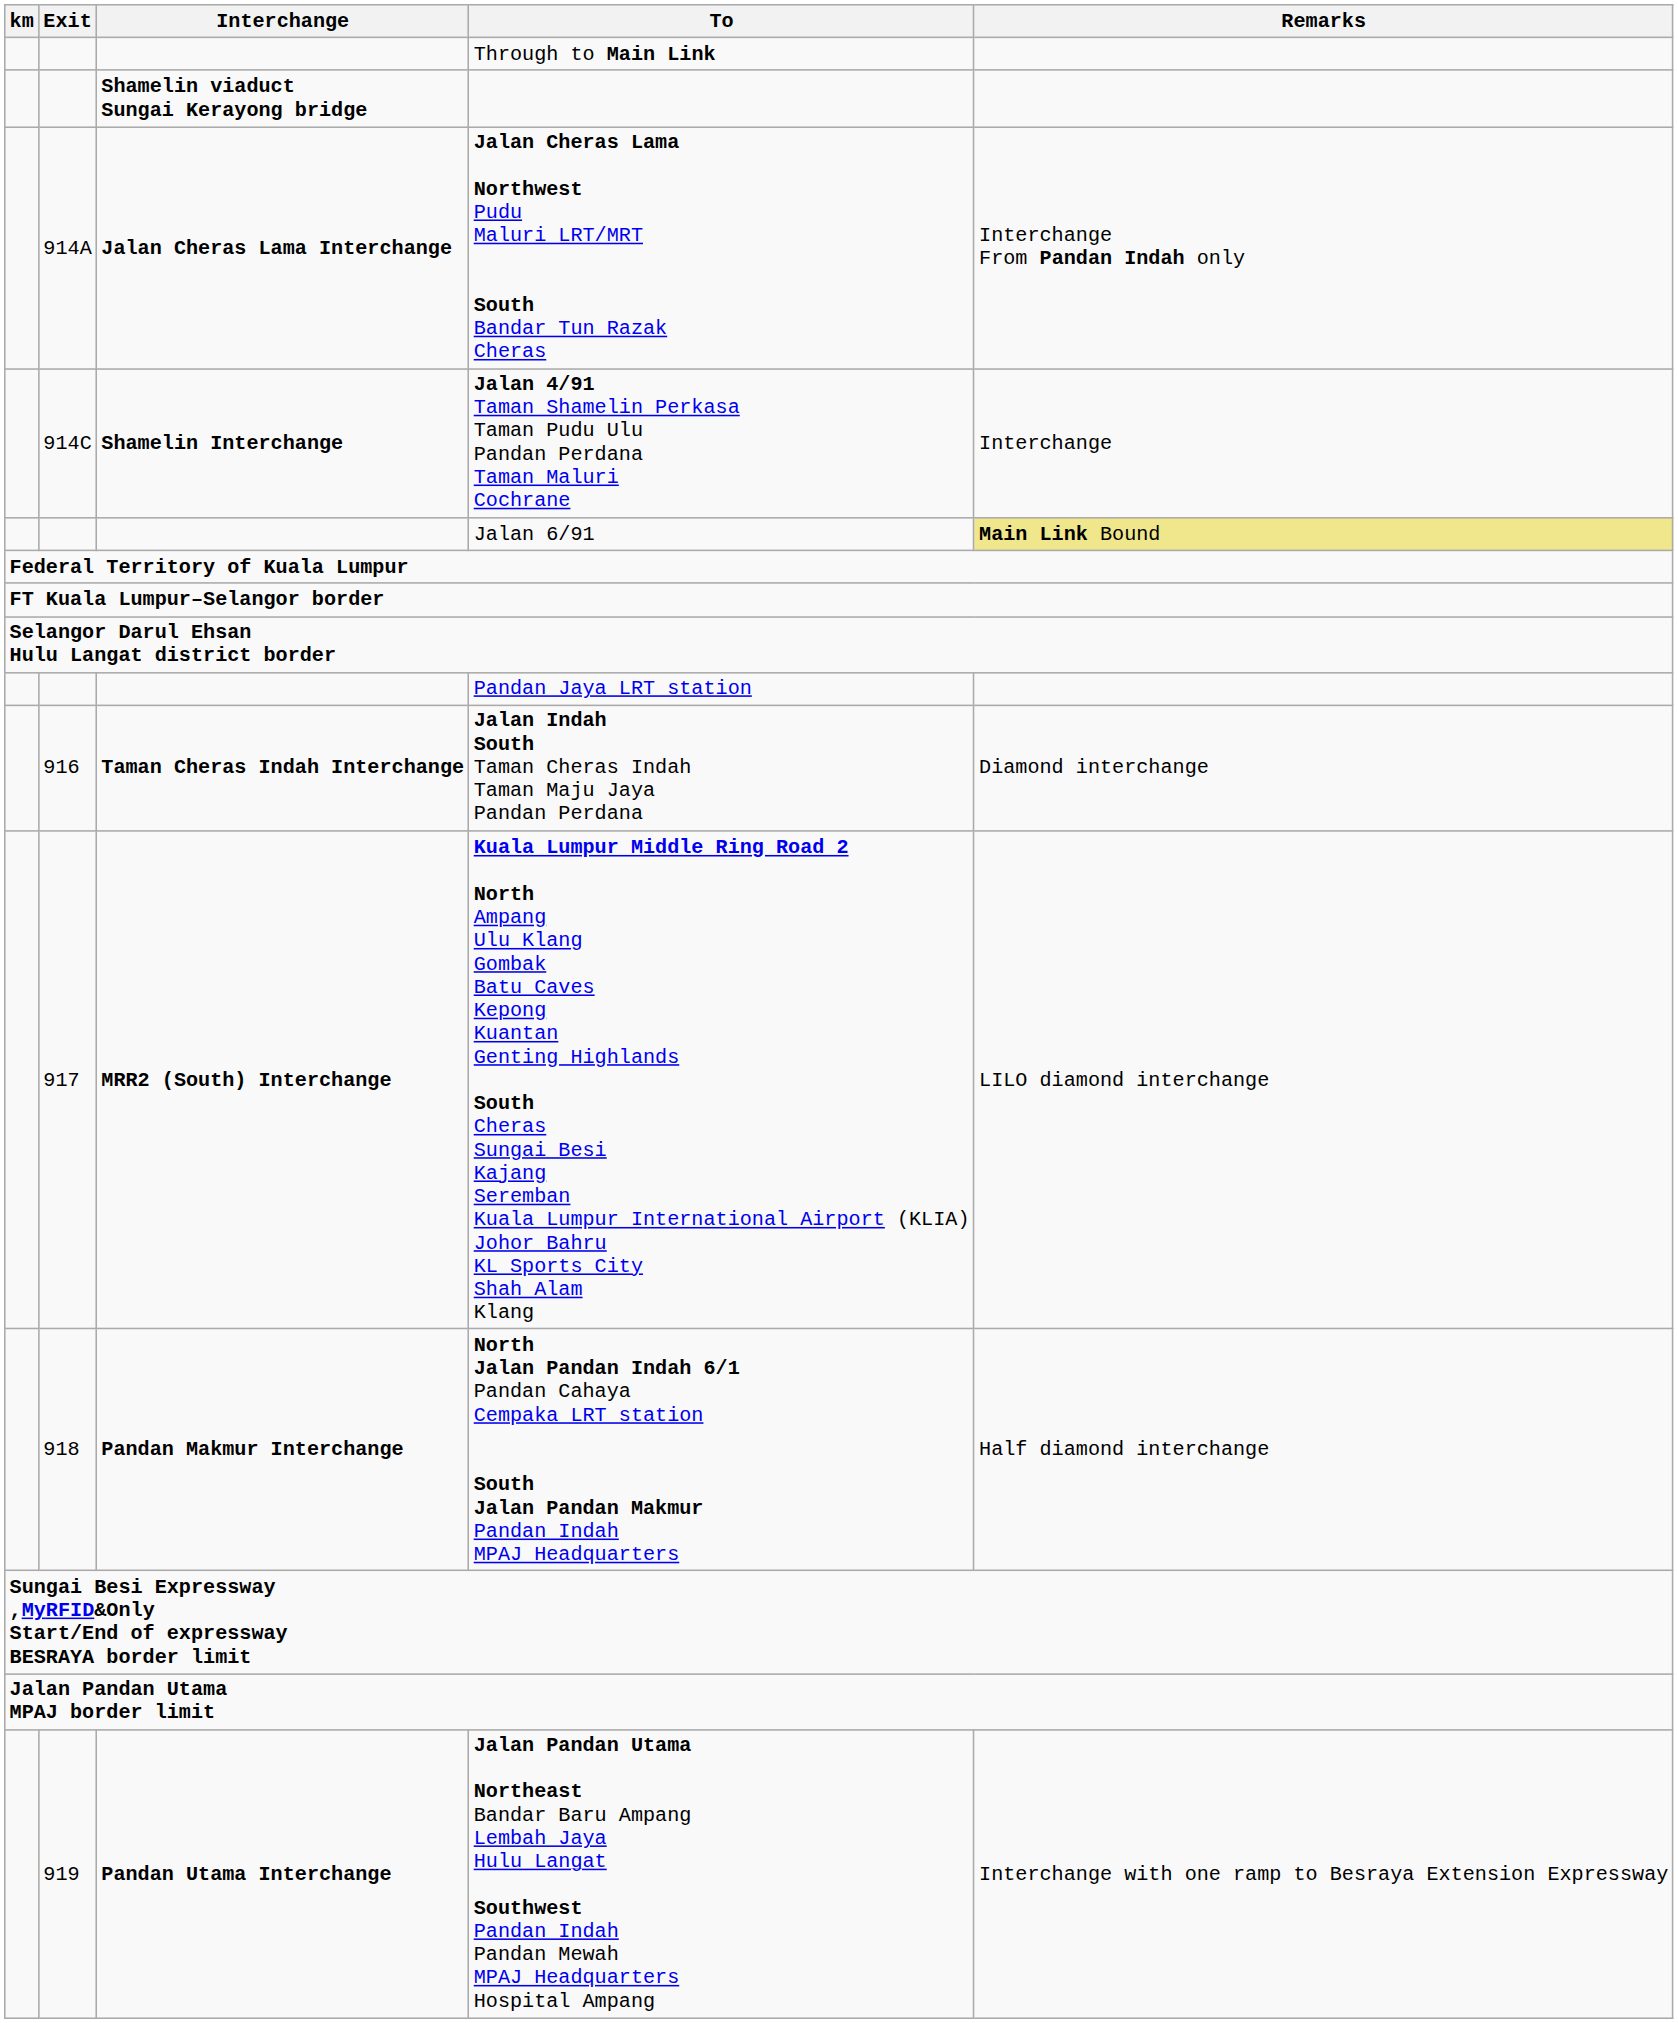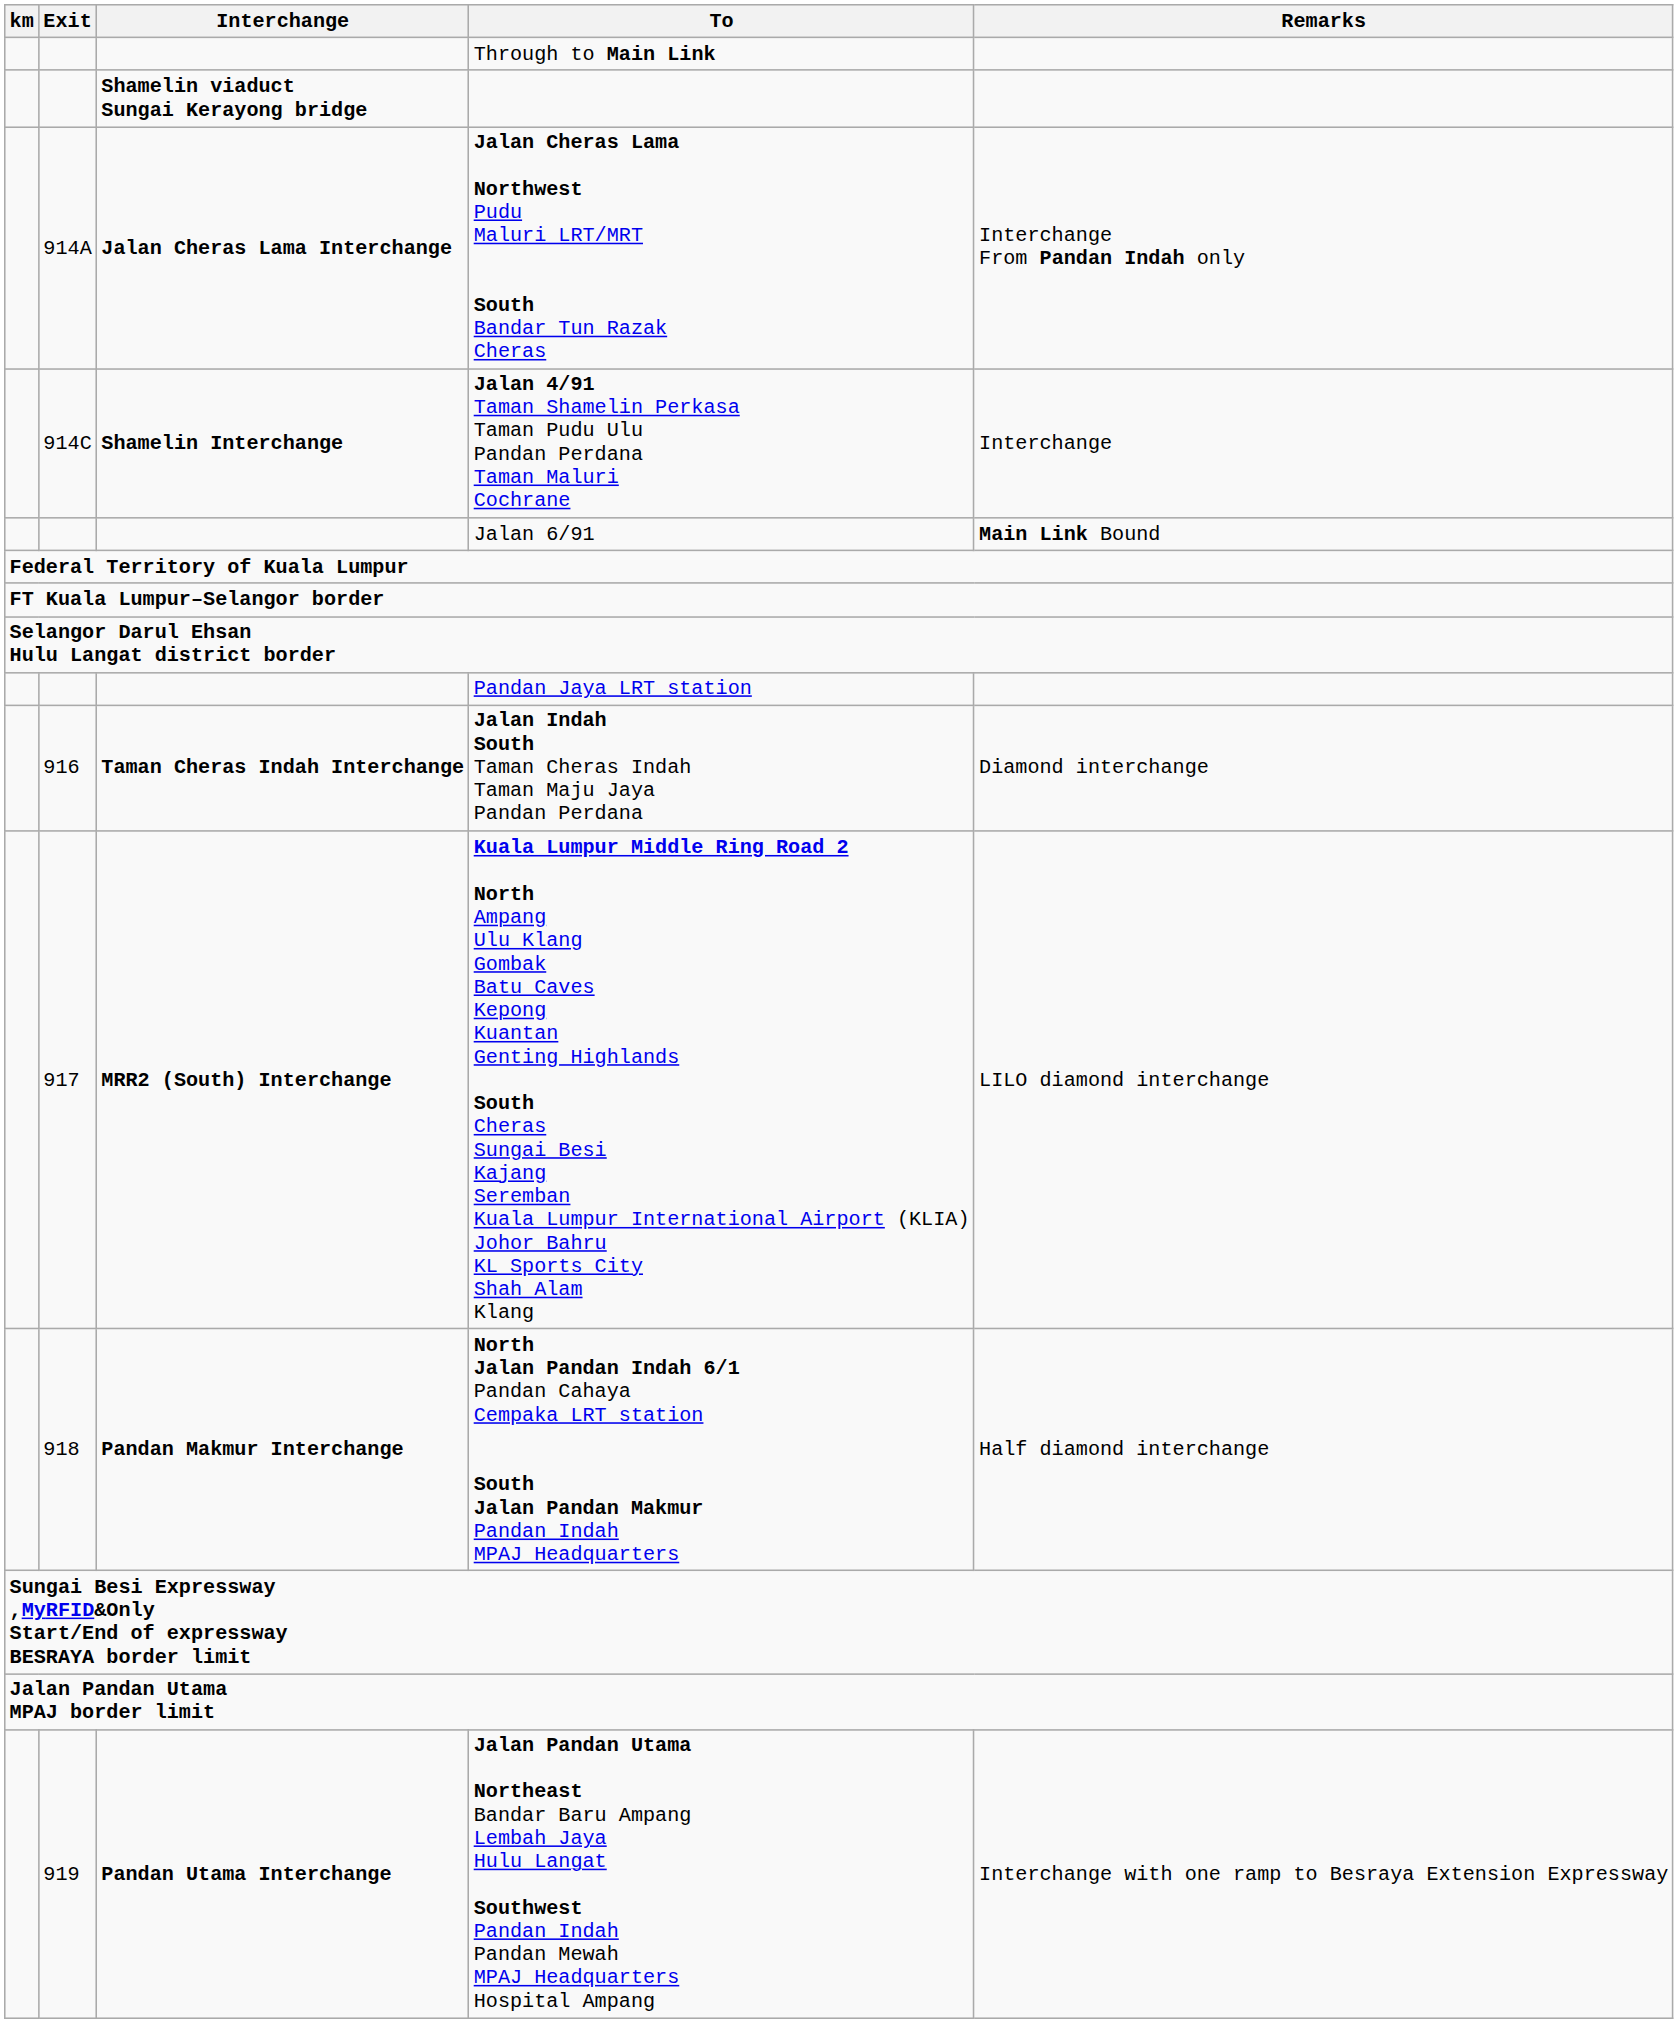 <table class=wikitable>
 <tr>
 <th>km</th>
 <th>Exit</th>
 <th>Interchange</th>
 <th>To</th>
 <th>Remarks</th>
 </tr>
 <tr>
 <td></td>
 <td></td>
 <td></td>
 <td>Through to  <strong>Main Link</strong></td>
 </tr>
 <tr>
 <td></td>
 <td></td>
 <td><strong>Shamelin viaduct</strong><br><strong>Sungai Kerayong bridge</strong></td>
 <td></td>
 <td></td>
 </tr>
 <tr>
 <td></td>
 <td>914A</td>
 <td><strong>Jalan Cheras Lama Interchange</strong></td>
 <td><strong>Jalan Cheras Lama</strong><br><br><strong>Northwest</strong><br><a href='#'>Pudu</a><br><a href='#'>Maluri LRT/MRT</a> <br>   <br><br><strong>South</strong><br><a href='#'>Bandar Tun Razak</a><br><a href='#'>Cheras</a></td>
 <td>Interchange<br>From <strong>Pandan Indah</strong> only</td>
 </tr>
 <tr>
 <td></td>
 <td>914C</td>
 <td><strong>Shamelin Interchange</strong></td>
 <td><strong>Jalan 4/91</strong><br><a href='#'>Taman Shamelin Perkasa</a><br>Taman Pudu Ulu<br>Pandan Perdana<br><a href='#'>Taman Maluri</a><br><a href='#'>Cochrane</a></td>
 <td>Interchange</td>
 </tr>
 <tr>
 <td></td>
 <td></td>
 <td></td>
 <td>Jalan 6/91</td>
-<td style="background: khaki;"><strong>Main Link</strong> Bound</td>
+<td><strong>Main Link</strong> Bound</td>
 </tr>
 <tr>
 <td style="width:600px" colspan="6" style="text-align:center; background:green;"><strong><span>Federal Territory of Kuala Lumpur</span></strong></td>
 </tr>
 <tr>
 <td style="width:600px" colspan="6" style="text-align:center; background:yellow;"><strong><span>FT Kuala Lumpur–Selangor border</span></strong></td>
 </tr>
 <tr>
 <td style="width:600px" colspan="6" style="text-align:center; background:green;"><strong><span>Selangor Darul Ehsan<br>Hulu Langat district border</span></strong></td>
 </tr>
 <tr>
 <td></td>
 <td></td>
 <td></td>
 <td><a href='#'>Pandan Jaya LRT station</a><br></td>
 <td></td>
 </tr>
 <tr>
 <td></td>
 <td>916</td>
 <td><strong>Taman Cheras Indah Interchange</strong></td>
 <td><strong>Jalan Indah</strong><br><strong>South</strong><br>Taman Cheras Indah<br>Taman Maju Jaya<br>Pandan Perdana</td>
 <td>Diamond interchange</td>
 </tr>
 <tr>
 <td></td>
 <td>917</td>
 <td><strong>MRR2 (South) Interchange</strong></td>
 <td> <strong><a href='#'>Kuala Lumpur Middle Ring Road 2</a></strong><br><br><strong>North</strong><br><a href='#'>Ampang</a><br><a href='#'>Ulu Klang</a><br><a href='#'>Gombak</a><br><a href='#'>Batu Caves</a><br><a href='#'>Kepong</a><br>   <a href='#'>Kuantan</a><br>   <a href='#'>Genting Highlands</a><br><br><strong>South</strong><br><a href='#'>Cheras</a><br><a href='#'>Sungai Besi</a><br> <a href='#'>Kajang</a><br>  <a href='#'>Seremban</a><br>  <a href='#'>Kuala Lumpur International Airport</a> (KLIA) <br>  <a href='#'>Johor Bahru</a><br> <a href='#'>KL Sports City</a><br> <a href='#'>Shah Alam</a><br> Klang</td>
 <td>LILO diamond interchange</td>
 </tr>
 <tr>
 <td></td>
 <td>918</td>
 <td><strong>Pandan Makmur Interchange</strong></td>
 <td><strong>North</strong><br><strong>Jalan Pandan Indah 6/1</strong><br>Pandan Cahaya<br><a href='#'>Cempaka LRT station</a><br><br><br><strong>South</strong><br><strong>Jalan Pandan Makmur</strong><br><a href='#'>Pandan Indah</a><br><a href='#'>MPAJ Headquarters</a></td>
 <td>Half diamond interchange</td>
 </tr>
 <tr>
 <td style="width:600px" colspan="6" style="text-align:center; background:green;"><strong><span> Sungai Besi Expressway<br>,<a href='#'><span>My</span><span>RFID</span></a>&Only<br>Start/End of expressway<br>BESRAYA border limit</span></strong></td>
 </tr>
 <tr>
 <td style="width:600px" colspan="6" style="text-align:center; background:blue;"><strong><span>Jalan Pandan Utama<br>MPAJ border limit</span></strong></td>
 </tr>
 <tr>
 <td></td>
 <td>919</td>
 <td><strong>Pandan Utama Interchange</strong></td>
 <td><strong>Jalan Pandan Utama</strong><br><br><strong>Northeast</strong><br>Bandar Baru Ampang<br><a href='#'>Lembah Jaya</a><br> <a href='#'>Hulu Langat</a><br><br><strong>Southwest</strong><br><a href='#'>Pandan Indah</a><br>Pandan Mewah<br><a href='#'>MPAJ Headquarters</a><br>Hospital Ampang </td>
 <td>Interchange with one ramp to  Besraya Extension Expressway</td>
 </tr>
 </table>
